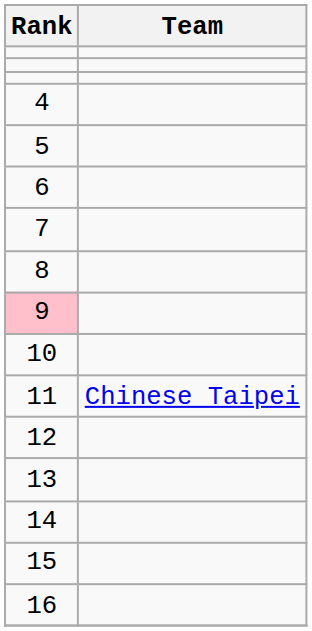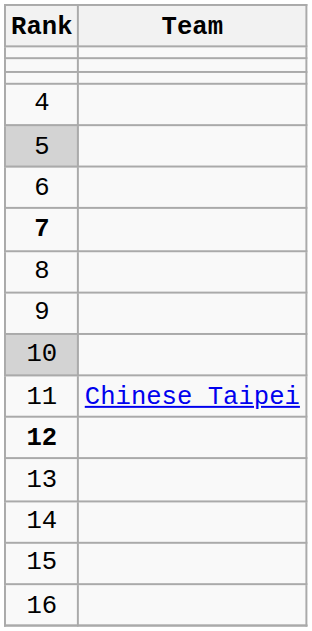 <table class="wikitable">
 <tr>
 <th>Rank</th>
 <th>Team</th>
 </tr>
 <tr>
 <td align=center></td>
 <td></td>
 </tr>
 <tr>
 <td align=center></td>
 <td></td>
 </tr>
 <tr>
 <td align=center></td>
 <td></td>
 </tr>
 <tr>
 <td align=center>4</td>
 <td></td>
 </tr>
 <tr>
-<td align=center>5</td>
+<td align=center style="background: lightgrey;">5</td>
 <td></td>
 </tr>
 <tr>
 <td align=center>6</td>
 <td></td>
 </tr>
 <tr>
-<td align=center>7</td>
+<td align=center><strong>7</strong></td>
 <td></td>
 </tr>
 <tr>
 <td align=center>8</td>
 <td></td>
 </tr>
 <tr>
-<td align=center style="background: pink;">9</td>
+<td align=center>9</td>
 <td></td>
 </tr>
 <tr>
-<td align=center>10</td>
+<td align=center style="background: lightgrey;">10</td>
 <td></td>
 </tr>
 <tr>
 <td align=center>11</td>
 <td> <a href='#'>Chinese Taipei</a></td>
 </tr>
 <tr>
-<td align=center>12</td>
+<td align=center><strong>12</strong></td>
 <td></td>
 </tr>
 <tr>
 <td align=center>13</td>
 <td></td>
 </tr>
 <tr>
 <td align=center>14</td>
 <td></td>
 </tr>
 <tr>
 <td align=center>15</td>
 <td></td>
 </tr>
 <tr>
 <td align=center>16</td>
 <td></td>
 </tr>
 <tr>
 </tr>
 </table>
